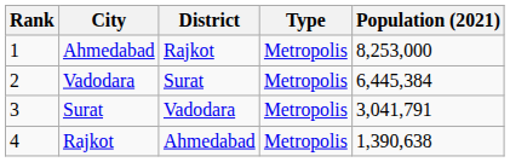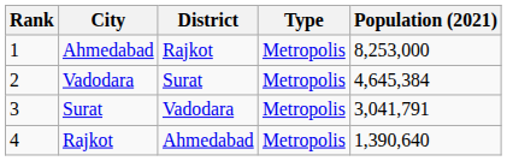 <table class="wikitable">
 <tr>
 <th>Rank</th>
 <th>City</th>
 <th>District</th>
 <th>Type</th>
 <th>Population (2021)</th>
 </tr>
 <tr>
 <td>1</td>
 <td><a href='#'>Ahmedabad</a></td>
 <td><a href='#'>Rajkot</a></td>
 <td><a href='#'>Metropolis</a></td>
 <td>8,253,000</td>
 </tr>
 <tr>
 <td>2</td>
 <td><a href='#'>Vadodara</a></td>
 <td><a href='#'>Surat</a></td>
 <td><a href='#'>Metropolis</a></td>
-<td>6,445,384</td>
+<td>4,645,384</td>
 </tr>
 <tr>
 <td>3</td>
 <td><a href='#'>Surat</a></td>
 <td><a href='#'>Vadodara</a></td>
 <td><a href='#'>Metropolis</a></td>
 <td>3,041,791</td>
 </tr>
 <tr>
 <td>4</td>
 <td><a href='#'>Rajkot</a></td>
 <td><a href='#'>Ahmedabad</a></td>
 <td><a href='#'>Metropolis</a></td>
-<td>1,390,638</td>
+<td>1,390,640</td>
 </tr>
 </table>
